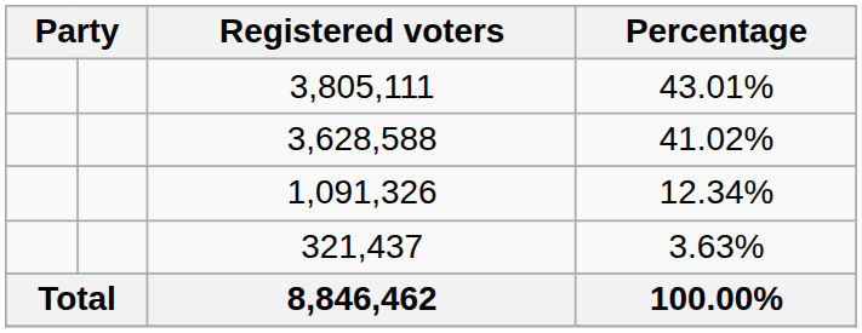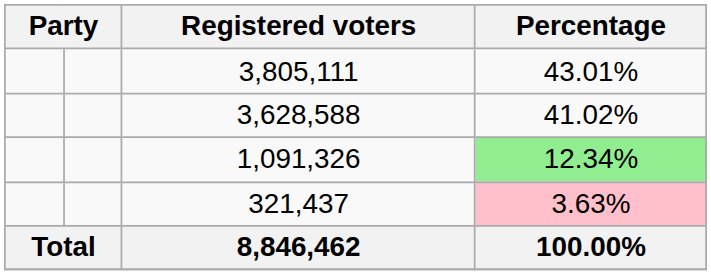 <table class="wikitable sortable floatright" style="text-align: right;" width="32%">
 <tr>
 <th colspan="2">Party</th>
 <th>Registered voters</th>
 <th>Percentage</th>
 </tr>
 <tr>
 <td></td>
 <td></td>
 <td style="text-align:center;">3,805,111</td>
 <td style="text-align:center;">43.01%</td>
 </tr>
 <tr>
 <td></td>
 <td></td>
 <td style="text-align:center;">3,628,588</td>
 <td style="text-align:center;">41.02%</td>
 </tr>
 <tr>
 <td></td>
 <td></td>
 <td style="text-align:center;">1,091,326</td>
-<td style="text-align:center;">12.34%</td>
+<td style="background: lightgreen; text-align:center;">12.34%</td>
 </tr>
 <tr>
 <td></td>
 <td></td>
 <td style="text-align:center;">321,437</td>
-<td style="text-align:center;">3.63%</td>
+<td style="background: pink; text-align:center;">3.63%</td>
 </tr>
 <tr>
 <th colspan="2">Total</th>
 <th style="text-align:center;">8,846,462</th>
 <th style="text-align:center;">100.00%</th>
 </tr>
 <tr>
 </tr>
 </table>
